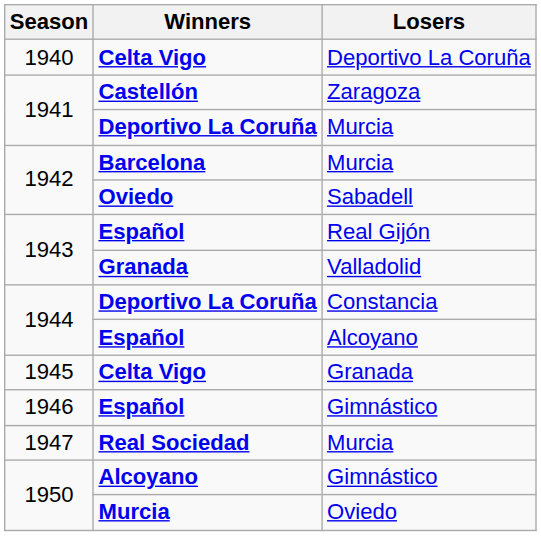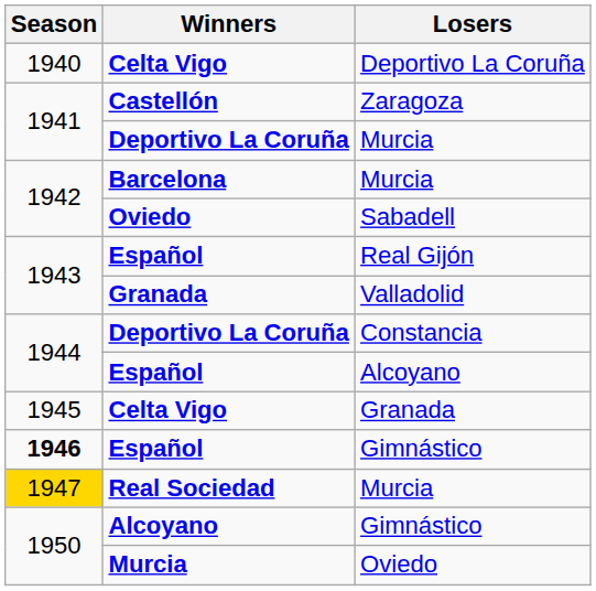 <table class="wikitable">
 <tr>
 <th>Season</th>
 <th>Winners</th>
 <th>Losers</th>
 </tr>
 <tr>
 <td align=center>1940</td>
 <td><strong><a href='#'>Celta Vigo</a></strong></td>
 <td><a href='#'>Deportivo La Coruña</a></td>
 </tr>
 <tr>
 <td rowspan=2 align=center>1941</td>
 <td><strong><a href='#'>Castellón</a></strong></td>
 <td><a href='#'>Zaragoza</a></td>
 </tr>
 <tr>
 <td><strong><a href='#'>Deportivo La Coruña</a></strong></td>
 <td><a href='#'>Murcia</a></td>
 </tr>
 <tr>
 <td rowspan=2 align=center>1942</td>
 <td><strong><a href='#'>Barcelona</a></strong></td>
 <td><a href='#'>Murcia</a></td>
 </tr>
 <tr>
 <td><strong><a href='#'>Oviedo</a></strong></td>
 <td><a href='#'>Sabadell</a></td>
 </tr>
 <tr>
 <td rowspan=2 align=center>1943</td>
 <td><strong><a href='#'>Español</a></strong></td>
 <td><a href='#'>Real Gijón</a></td>
 </tr>
 <tr>
 <td><strong><a href='#'>Granada</a></strong></td>
 <td><a href='#'>Valladolid</a></td>
 </tr>
 <tr>
 <td rowspan=2 align=center>1944</td>
 <td><strong><a href='#'>Deportivo La Coruña</a></strong></td>
 <td><a href='#'>Constancia</a></td>
 </tr>
 <tr>
 <td><strong><a href='#'>Español</a></strong></td>
 <td><a href='#'>Alcoyano</a></td>
 </tr>
 <tr>
 <td align=center>1945</td>
 <td><strong><a href='#'>Celta Vigo</a></strong></td>
 <td><a href='#'>Granada</a></td>
 </tr>
 <tr>
-<td align=center>1946</td>
+<td align=center><strong>1946</strong></td>
 <td><strong><a href='#'>Español</a></strong></td>
 <td><a href='#'>Gimnástico</a></td>
 </tr>
 <tr>
-<td align=center>1947</td>
+<td align=center style="background: gold;">1947</td>
 <td><strong><a href='#'>Real Sociedad</a></strong></td>
 <td><a href='#'>Murcia</a></td>
 </tr>
 <tr>
 <td rowspan=2 align=center>1950</td>
 <td><strong><a href='#'>Alcoyano</a></strong></td>
 <td><a href='#'>Gimnástico</a></td>
 </tr>
 <tr>
 <td><strong><a href='#'>Murcia</a></strong></td>
 <td><a href='#'>Oviedo</a></td>
 </tr>
 </table>
